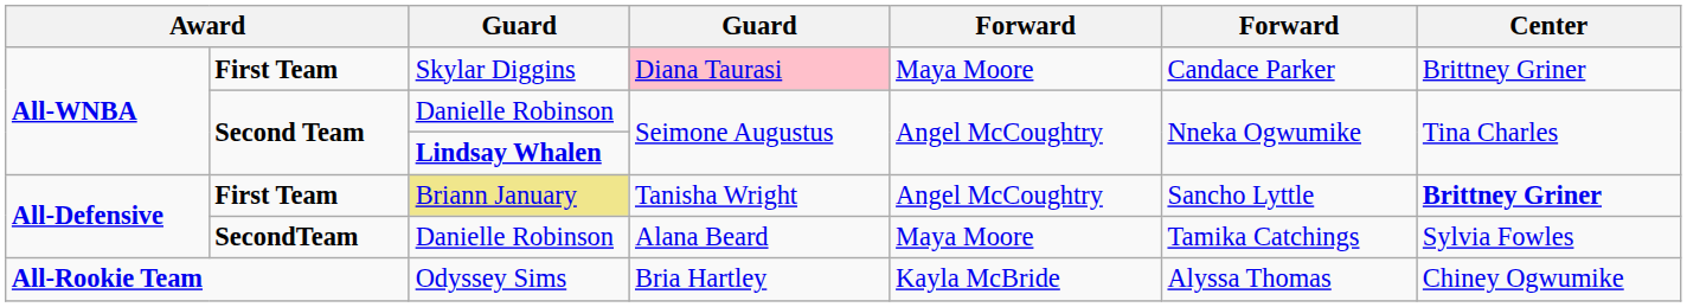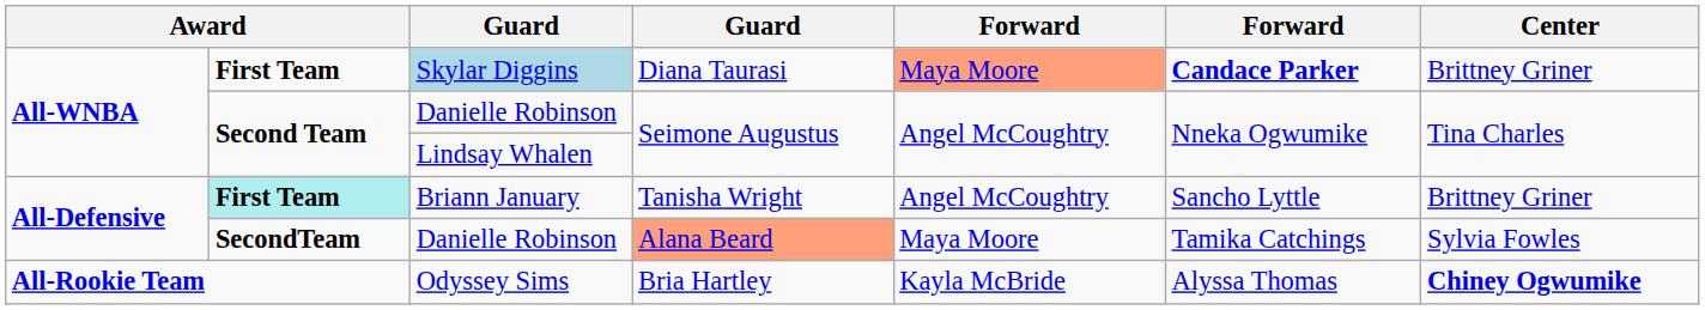 <table class="wikitable" style="width: 80%">
 <tr>
 <th colspan="2">Award</th>
 <th width="125">Guard</th>
 <th>Guard</th>
 <th>Forward</th>
 <th>Forward</th>
 <th>Center</th>
 </tr>
 <tr>
 <td rowspan="3"><strong><a href='#'>All-WNBA</a></strong></td>
 <td><strong>First Team</strong></td>
-<td><a href='#'>Skylar Diggins</a></td>
-<td style="background: pink;"><a href='#'>Diana Taurasi</a></td>
-<td><a href='#'>Maya Moore</a></td>
-<td><a href='#'>Candace Parker</a></td>
+<td style="background: lightblue;"><a href='#'>Skylar Diggins</a></td>
+<td><a href='#'>Diana Taurasi</a></td>
+<td style="background: lightsalmon;"><a href='#'>Maya Moore</a></td>
+<td><strong><a href='#'>Candace Parker</a></strong></td>
 <td><a href='#'>Brittney Griner</a></td>
 </tr>
 <tr>
 <td rowspan="2"><strong>Second Team</strong></td>
 <td><a href='#'>Danielle Robinson</a></td>
 <td rowspan="2"><a href='#'>Seimone Augustus</a></td>
 <td rowspan="2"><a href='#'>Angel McCoughtry</a></td>
 <td rowspan="2"><a href='#'>Nneka Ogwumike</a></td>
 <td rowspan="2"><a href='#'>Tina Charles</a></td>
 </tr>
 <tr>
-<td><strong><a href='#'>Lindsay Whalen</a></strong></td>
+<td><a href='#'>Lindsay Whalen</a></td>
 </tr>
 <tr>
 <td rowspan="2"><strong><a href='#'>All-Defensive</a></strong></td>
-<td><strong>First Team</strong></td>
-<td style="background: khaki;"><a href='#'>Briann January</a></td>
+<td style="background: paleturquoise;"><strong>First Team</strong></td>
+<td><a href='#'>Briann January</a></td>
 <td><a href='#'>Tanisha Wright</a></td>
 <td><a href='#'>Angel McCoughtry</a></td>
 <td><a href='#'>Sancho Lyttle</a></td>
-<td><strong><a href='#'>Brittney Griner</a></strong></td>
+<td><a href='#'>Brittney Griner</a></td>
 </tr>
 <tr>
 <td><strong>SecondTeam</strong></td>
 <td><a href='#'>Danielle Robinson</a></td>
-<td><a href='#'>Alana Beard</a></td>
+<td style="background: lightsalmon;"><a href='#'>Alana Beard</a></td>
 <td><a href='#'>Maya Moore</a></td>
 <td><a href='#'>Tamika Catchings</a></td>
 <td><a href='#'>Sylvia Fowles</a></td>
 </tr>
 <tr>
 <td colspan="2"><strong><a href='#'>All-Rookie Team</a></strong></td>
 <td><a href='#'>Odyssey Sims</a></td>
 <td><a href='#'>Bria Hartley</a></td>
 <td><a href='#'>Kayla McBride</a></td>
 <td><a href='#'>Alyssa Thomas</a></td>
-<td><a href='#'>Chiney Ogwumike</a></td>
+<td><strong><a href='#'>Chiney Ogwumike</a></strong></td>
 </tr>
 </table>
